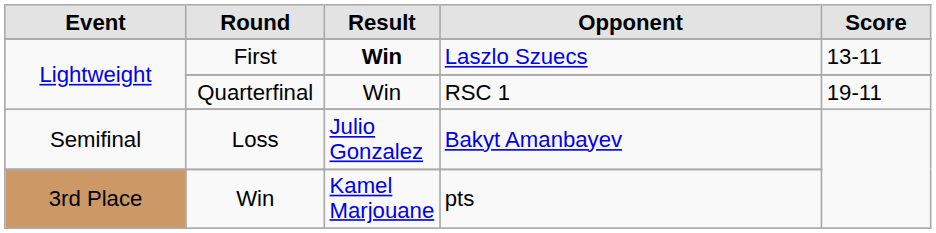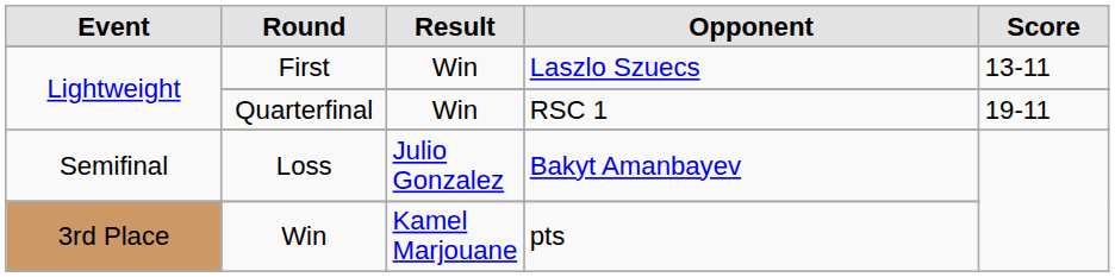 <table style='font-size: 85%; text-align: left;' class='wikitable' width='45%'>
 <tr>
 <th style='border-style: none none solid solid; background: #e3e3e3; width: 20%'><strong>Event</strong></th>
 <th style='border-style: none none solid solid; background: #e3e3e3; width: 15%'><strong>Round</strong></th>
 <th style='border-style: none none solid solid; background: #e3e3e3; width: 10%'><strong>Result</strong></th>
 <th style='border-style: none none solid solid; background: #e3e3e3; width: 43%'><strong>Opponent</strong></th>
 <th style='border-style: none none solid solid; background: #e3e3e3; width: 12%'><strong>Score</strong></th>
 </tr>
 <tr>
 </tr>
 <tr align=center>
 <td rowspan="4" style="text-align:center;"><a href='#'>Lightweight</a></td>
 <td align='center'>First</td>
-<td><strong>Win</strong></td>
+<td>Win</td>
 <td align='left'> <a href='#'>Laszlo Szuecs</a></td>
 <td align='left'>13-11</td>
 </tr>
 <tr>
 </tr>
 <tr align=center>
 <td align='center'>Quarterfinal</td>
 <td>Win</td>
 <td align='left'>RSC 1</td>
 <td align='left'>19-11</td>
 </tr>
 <tr>
 </tr>
 <tr align=center>
 <td align='center'>Semifinal</td>
 <td>Loss</td>
 <td align='left'> <a href='#'>Julio Gonzalez</a></td>
 <td align='left'> <a href='#'>Bakyt Amanbayev</a></td>
 </tr>
 <tr>
 </tr>
 <tr align=center>
 <td align='center'; bgcolor="#cc9966">3rd Place</td>
 <td>Win</td>
 <td align='left'> <a href='#'>Kamel Marjouane</a></td>
 <td align='left'>pts</td>
 </tr>
 </table>
